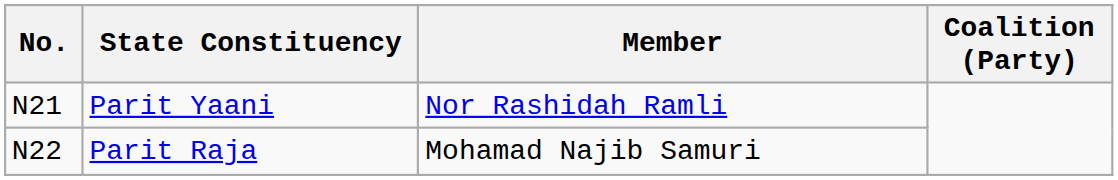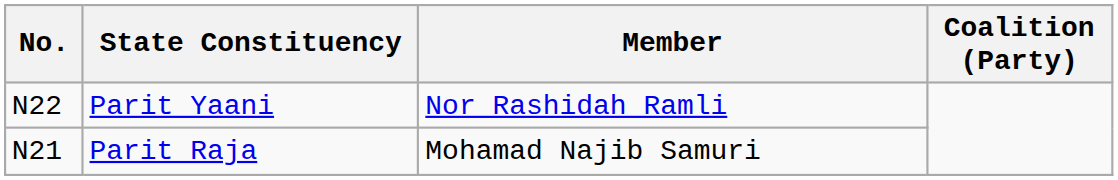 <table class="wikitable sortable">
 <tr>
 <th width="30">No.</th>
 <th width="150">State Constituency</th>
 <th width="230">Member</th>
 <th width="80">Coalition (Party)</th>
 </tr>
 <tr>
-<td>N21</td>
+<td>N22</td>
 <td><a href='#'>Parit Yaani</a></td>
 <td><a href='#'>Nor Rashidah Ramli</a></td>
 <td rowspan="2"></td>
 </tr>
 <tr>
-<td>N22</td>
+<td>N21</td>
 <td><a href='#'>Parit Raja</a></td>
 <td>Mohamad Najib Samuri</td>
 </tr>
 </table>
